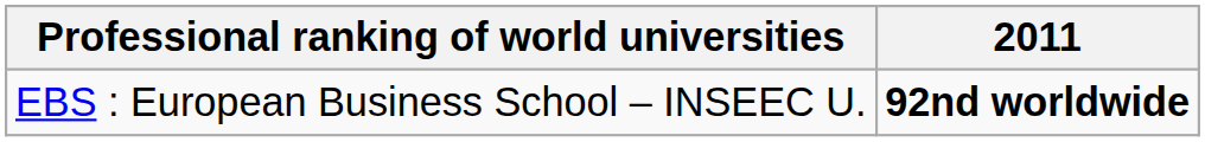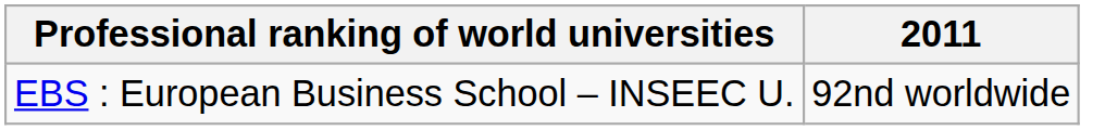 <table class="wikitable">
 <tr>
 <th>Professional ranking of world universities</th>
 <th>2011</th>
 </tr>
 <tr>
 <td><a href='#'>EBS</a> : European Business School – INSEEC U.</td>
-<td><strong>92nd worldwide</strong></td>
+<td>92nd worldwide</td>
 </tr>
 </table>
